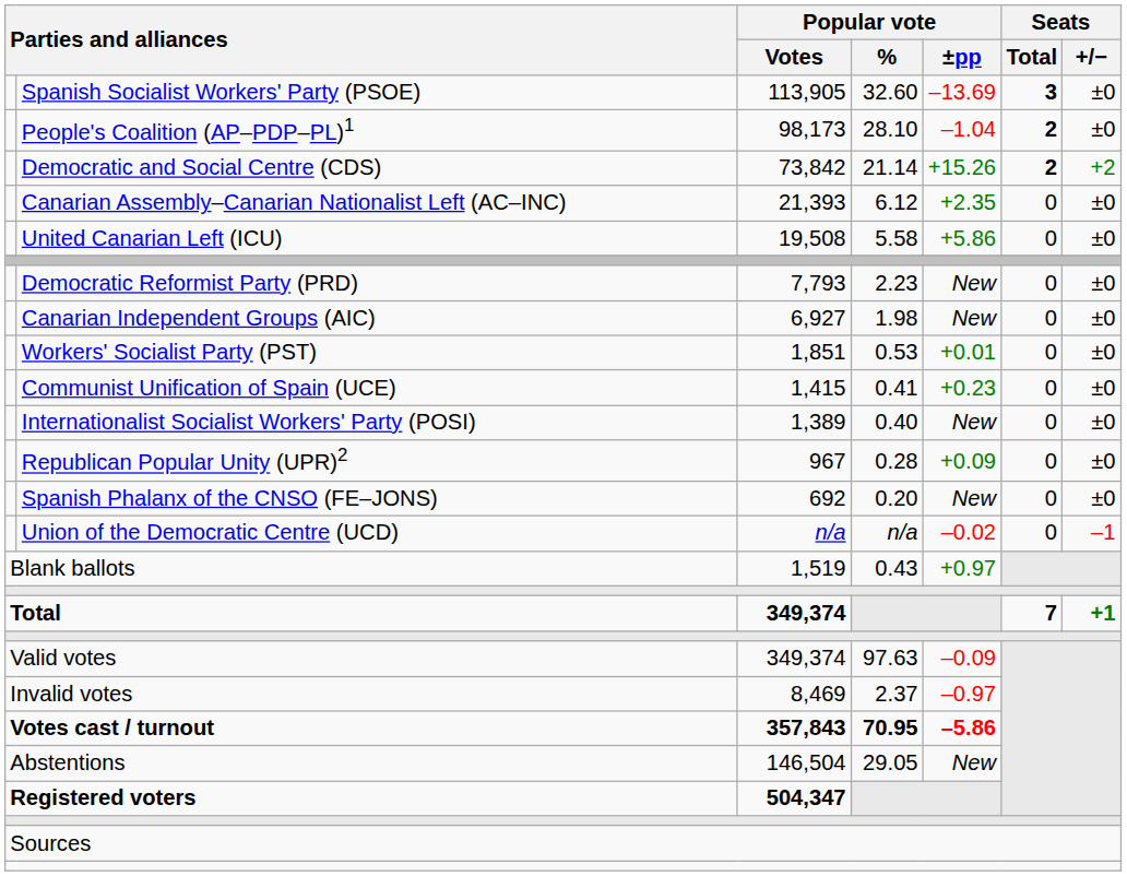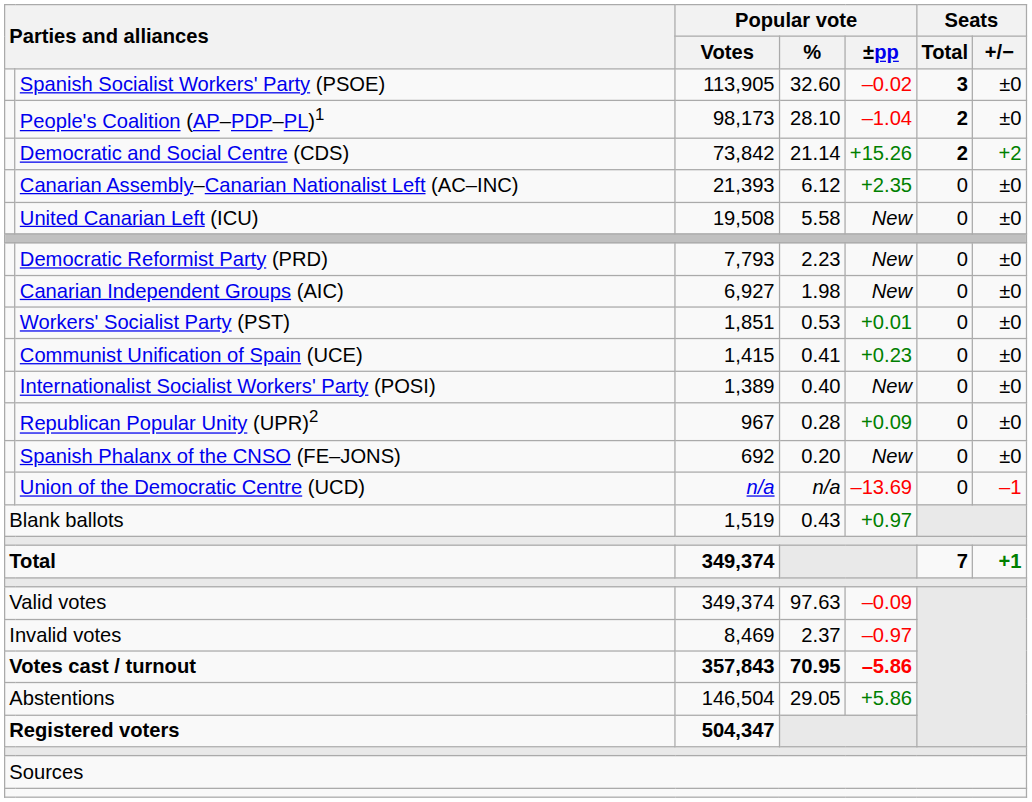 <table class="wikitable" style="text-align:right;">
 <tr>
 <th style="text-align:left;" rowspan="2" colspan="2" width="525">Parties and alliances</th>
 <th colspan="3">Popular vote</th>
 <th colspan="2">Seats</th>
 </tr>
 <tr>
 <th width="75">Votes</th>
 <th width="45">%</th>
 <th width="45">±<a href='#'>pp</a></th>
 <th width="35">Total</th>
 <th width="35">+/−</th>
 </tr>
 <tr>
 <td width="1" style="color:inherit;background:"></td>
 <td align="left"><a href='#'>Spanish Socialist Workers' Party</a> (PSOE)</td>
 <td>113,905</td>
 <td>32.60</td>
-<td style="color:red;">–13.69</td>
+<td style="color:red;">–0.02</td>
 <td><strong>3</strong></td>
 <td>±0</td>
 </tr>
 <tr>
 <td style="color:inherit;background:"></td>
 <td align="left"><a href='#'>People's Coalition</a> (<a href='#'>AP</a>–<a href='#'>PDP</a>–<a href='#'>PL</a>)<sup>1</sup></td>
 <td>98,173</td>
 <td>28.10</td>
 <td style="color:red;">–1.04</td>
 <td><strong>2</strong></td>
 <td>±0</td>
 </tr>
 <tr>
 <td style="color:inherit;background:"></td>
 <td align="left"><a href='#'>Democratic and Social Centre</a> (CDS)</td>
 <td>73,842</td>
 <td>21.14</td>
 <td style="color:green;">+15.26</td>
 <td><strong>2</strong></td>
 <td style="color:green;">+2</td>
 </tr>
 <tr>
 <td style="color:inherit;background:"></td>
 <td align="left"><a href='#'>Canarian Assembly</a>–<a href='#'>Canarian Nationalist Left</a> (AC–INC)</td>
 <td>21,393</td>
 <td>6.12</td>
 <td style="color:green;">+2.35</td>
 <td>0</td>
 <td>±0</td>
 </tr>
 <tr>
 <td style="color:inherit;background:"></td>
 <td align="left"><a href='#'>United Canarian Left</a> (ICU)</td>
 <td>19,508</td>
 <td>5.58</td>
-<td style="color:green;">+5.86</td>
+<td><em>New</em></td>
 <td>0</td>
 <td>±0</td>
 </tr>
 <tr>
 <td colspan="7" bgcolor="#C0C0C0"></td>
 </tr>
 <tr>
 <td style="color:inherit;background:"></td>
 <td align="left"><a href='#'>Democratic Reformist Party</a> (PRD)</td>
 <td>7,793</td>
 <td>2.23</td>
 <td><em>New</em></td>
 <td>0</td>
 <td>±0</td>
 </tr>
 <tr>
 <td style="color:inherit;background:"></td>
 <td align="left"><a href='#'>Canarian Independent Groups</a> (AIC)</td>
 <td>6,927</td>
 <td>1.98</td>
 <td><em>New</em></td>
 <td>0</td>
 <td>±0</td>
 </tr>
 <tr>
 <td style="color:inherit;background:"></td>
 <td align="left"><a href='#'>Workers' Socialist Party</a> (PST)</td>
 <td>1,851</td>
 <td>0.53</td>
 <td style="color:green;">+0.01</td>
 <td>0</td>
 <td>±0</td>
 </tr>
 <tr>
 <td style="color:inherit;background:"></td>
 <td align="left"><a href='#'>Communist Unification of Spain</a> (UCE)</td>
 <td>1,415</td>
 <td>0.41</td>
 <td style="color:green;">+0.23</td>
 <td>0</td>
 <td>±0</td>
 </tr>
 <tr>
 <td style="color:inherit;background:"></td>
 <td align="left"><a href='#'>Internationalist Socialist Workers' Party</a> (POSI)</td>
 <td>1,389</td>
 <td>0.40</td>
 <td><em>New</em></td>
 <td>0</td>
 <td>±0</td>
 </tr>
 <tr>
 <td style="color:inherit;background:"></td>
 <td align="left"><a href='#'>Republican Popular Unity</a> (UPR)<sup>2</sup></td>
 <td>967</td>
 <td>0.28</td>
 <td style="color:green;">+0.09</td>
 <td>0</td>
 <td>±0</td>
 </tr>
 <tr>
 <td style="color:inherit;background:"></td>
 <td align="left"><a href='#'>Spanish Phalanx of the CNSO</a> (FE–JONS)</td>
 <td>692</td>
 <td>0.20</td>
 <td><em>New</em></td>
 <td>0</td>
 <td>±0</td>
 </tr>
 <tr>
 <td style="color:inherit;background:"></td>
 <td align="left"><a href='#'>Union of the Democratic Centre</a> (UCD)</td>
 <td><em><a href='#'>n/a</a></em></td>
 <td><em>n/a</em></td>
-<td style="color:red;">–0.02</td>
+<td style="color:red;">–13.69</td>
 <td>0</td>
 <td style="color:red;">–1</td>
 </tr>
 <tr>
 <td align="left" colspan="2">Blank ballots</td>
 <td>1,519</td>
 <td>0.43</td>
 <td style="color:green;">+0.97</td>
 <td bgcolor="#E9E9E9" colspan="2"></td>
 </tr>
 <tr>
 <td colspan="7" bgcolor="#E9E9E9"></td>
 </tr>
 <tr style="font-weight:bold;">
 <td align="left" colspan="2">Total</td>
 <td>349,374</td>
 <td bgcolor="#E9E9E9" colspan="2"></td>
 <td>7</td>
 <td style="color:green;">+1</td>
 </tr>
 <tr>
 <td colspan="7" bgcolor="#E9E9E9"></td>
 </tr>
 <tr>
 <td align="left" colspan="2">Valid votes</td>
 <td>349,374</td>
 <td>97.63</td>
 <td style="color:red;">–0.09</td>
 <td bgcolor="#E9E9E9" colspan="2" rowspan="5"></td>
 </tr>
 <tr>
 <td align="left" colspan="2">Invalid votes</td>
 <td>8,469</td>
 <td>2.37</td>
 <td style="color:red;">–0.97</td>
 </tr>
 <tr style="font-weight:bold;">
 <td align="left" colspan="2">Votes cast / turnout</td>
 <td>357,843</td>
 <td>70.95</td>
 <td style="color:red;">–5.86</td>
 </tr>
 <tr>
 <td align="left" colspan="2">Abstentions</td>
 <td>146,504</td>
 <td>29.05</td>
-<td><em>New</em></td>
+<td style="color:green;">+5.86</td>
 </tr>
 <tr style="font-weight:bold;">
 <td align="left" colspan="2">Registered voters</td>
 <td>504,347</td>
 <td bgcolor="#E9E9E9" colspan="2"></td>
 </tr>
 <tr>
 <td colspan="7" bgcolor="#E9E9E9"></td>
 </tr>
 <tr>
 <td align="left" colspan="7">Sources</td>
 </tr>
 <tr>
 <td colspan="7" style="text-align:left; max-width:790px;"></td>
 </tr>
 </table>
